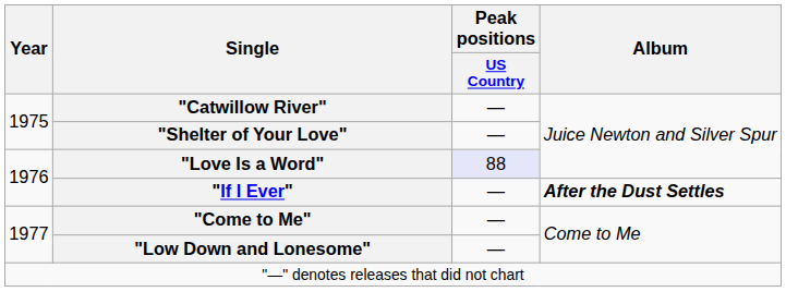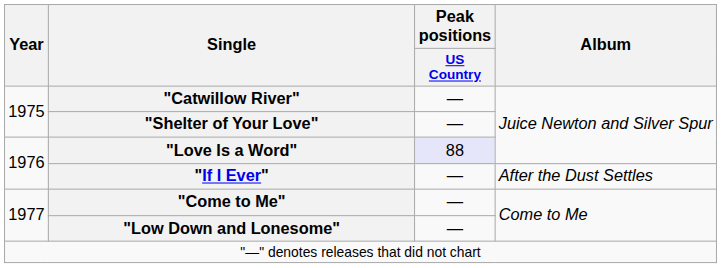 <table class="wikitable plainrowheaders" style="text-align:center;">
 <tr>
 <th rowspan="2">Year</th>
 <th rowspan="2" style="width:22em;">Single</th>
 <th colspan="1">Peak positions</th>
 <th rowspan="2">Album</th>
 </tr>
 <tr style="font-size:smaller;">
 <th width="65"><a href='#'>US Country</a><br></th>
 </tr>
 <tr>
 <td rowspan="2">1975</td>
 <th scope="row">"Catwillow River"</th>
 <td>—</td>
 <td align="left" rowspan="3"><em>Juice Newton and Silver Spur</em></td>
 </tr>
 <tr>
 <th scope="row">"Shelter of Your Love"</th>
 <td>—</td>
 </tr>
 <tr>
 <td rowspan="2">1976</td>
 <th scope="row">"Love Is a Word"</th>
 <td style="background: lavender;">88</td>
 </tr>
 <tr>
 <th scope="row">"<a href='#'>If I Ever</a>"</th>
 <td>—</td>
-<td align="left"><strong><em>After the Dust Settles</em></strong></td>
+<td align="left"><em>After the Dust Settles</em></td>
 </tr>
 <tr>
 <td rowspan="2">1977</td>
 <th scope="row">"Come to Me"</th>
 <td>—</td>
 <td align="left" rowspan="2"><em>Come to Me</em></td>
 </tr>
 <tr>
 <th scope="row">"Low Down and Lonesome"</th>
 <td>—</td>
 </tr>
 <tr>
 <td colspan="4" style="font-size:85%">"—" denotes releases that did not chart</td>
 </tr>
 </table>
